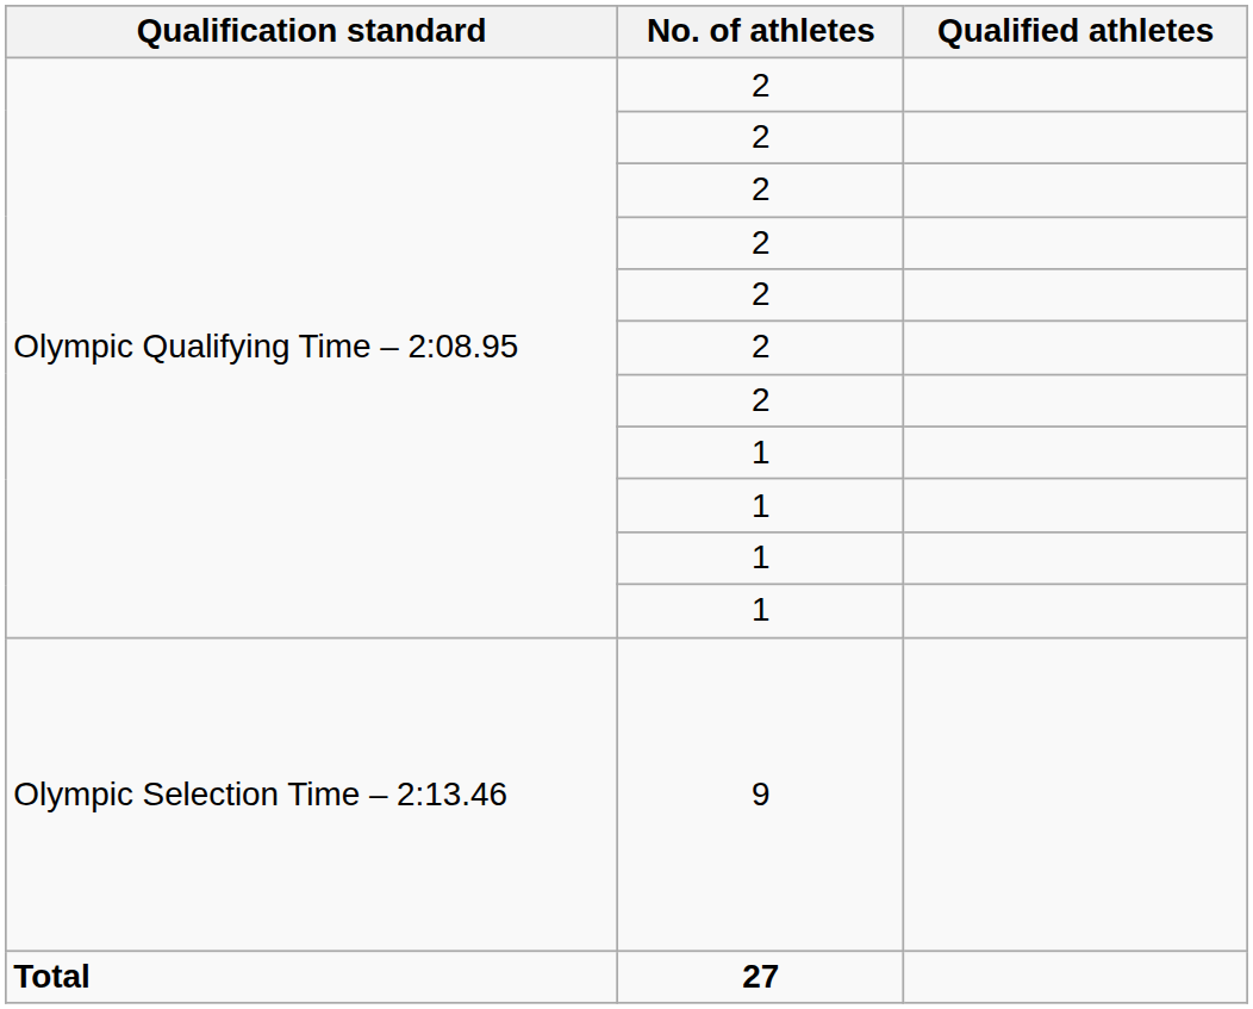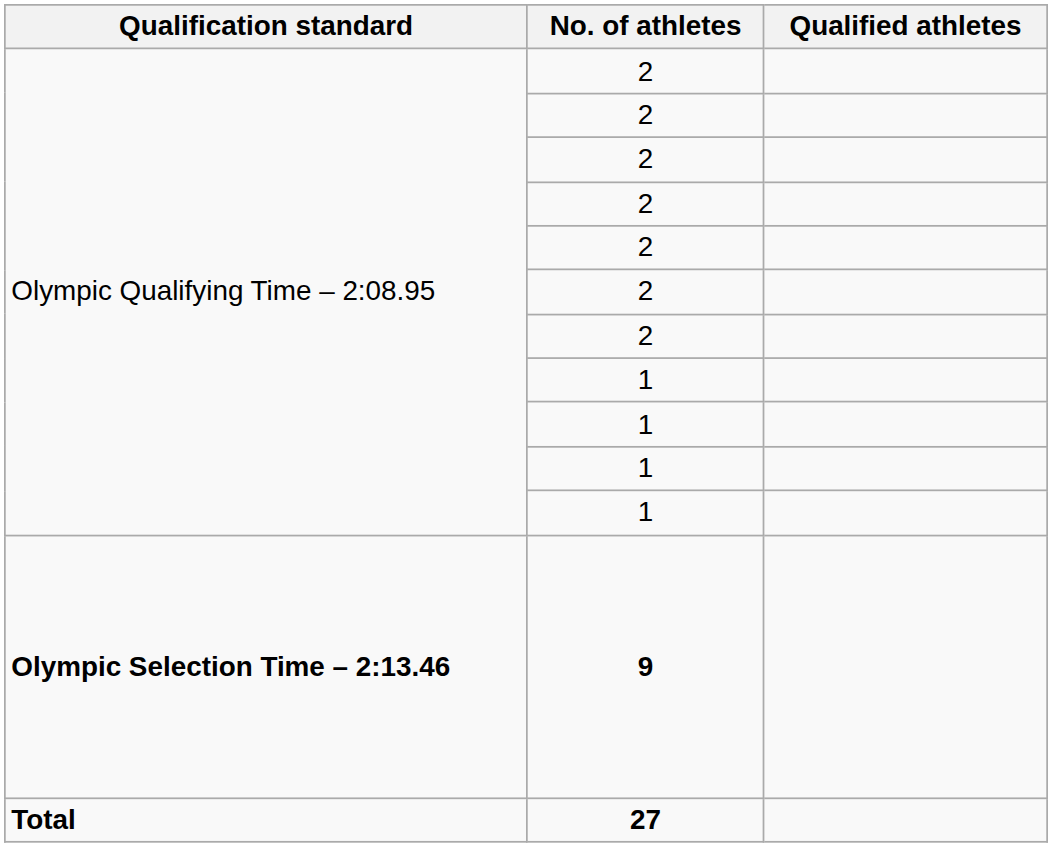 <table class=wikitable style="text-align:left" width=600>
 <tr>
 <th>Qualification standard</th>
 <th>No. of athletes</th>
 <th>Qualified athletes</th>
 </tr>
 <tr>
 <td rowspan="11">Olympic Qualifying Time – 2:08.95</td>
 <td align=center>2</td>
 <td><br></td>
 </tr>
 <tr>
 <td align=center>2</td>
 <td><br></td>
 </tr>
 <tr>
 <td align=center>2</td>
 <td> <br></td>
 </tr>
 <tr>
 <td align=center>2</td>
 <td><br></td>
 </tr>
 <tr>
 <td align=center>2</td>
 <td><br></td>
 </tr>
 <tr>
 <td align=center>2</td>
 <td><br></td>
 </tr>
 <tr>
 <td align=center>2</td>
 <td><br></td>
 </tr>
 <tr>
 <td align=center>1</td>
 <td></td>
 </tr>
 <tr>
 <td align=center>1</td>
 <td></td>
 </tr>
 <tr>
 <td align=center>1</td>
 <td></td>
 </tr>
 <tr>
 <td align=center>1</td>
 <td></td>
 </tr>
 <tr>
-<td rowspan="1">Olympic Selection Time – 2:13.46</td>
-<td align=center>9</td>
+<td rowspan="1"><strong>Olympic Selection Time – 2:13.46</strong></td>
+<td align=center><strong>9</strong></td>
 <td><br><br> <br>  <br>  <br>  <br> <br><br></td>
 </tr>
 <tr>
 <td><strong>Total</strong></td>
 <td align=center><strong>27</strong></td>
 <td></td>
 </tr>
 </table>
